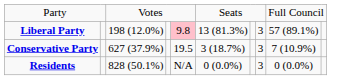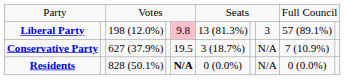 <table class=wikitable style="text-align:center;">
 <tr>
 <td colspan=2>Party</td>
 <td colspan=3>Votes</td>
 <td colspan=3>Seats</td>
 <td colspan=3>Full Council</td>
 </tr>
 <tr>
 <td><strong><a href='#'>Liberal Party</a></strong></td>
 <td style="background:"></td>
 <td>198 (12.0%)</td>
 <td></td>
 <td style="background: pink;"> 9.8</td>
 <td>13 (81.3%)</td>
 <td></td>
 <td> 3</td>
 <td>57 (89.1%)</td>
 <td></td>
 </tr>
 <tr>
 <td><strong><a href='#'>Conservative Party</a></strong></td>
 <td style="background:"></td>
 <td>627 (37.9%)</td>
 <td></td>
 <td> 19.5</td>
 <td>3 (18.7%)</td>
 <td></td>
-<td> 3</td>
+<td>N/A</td>
 <td>7 (10.9%)</td>
 <td></td>
 </tr>
 <tr>
 <td><strong><a href='#'>Residents</a></strong></td>
 <td style="background:"></td>
 <td>828 (50.1%)</td>
 <td></td>
-<td>N/A</td>
+<td><strong>N/A</strong></td>
 <td>0 (0.0%)</td>
 <td></td>
-<td> 3</td>
+<td>N/A</td>
 <td>0 (0.0%)</td>
 <td></td>
 </tr>
 </table>
